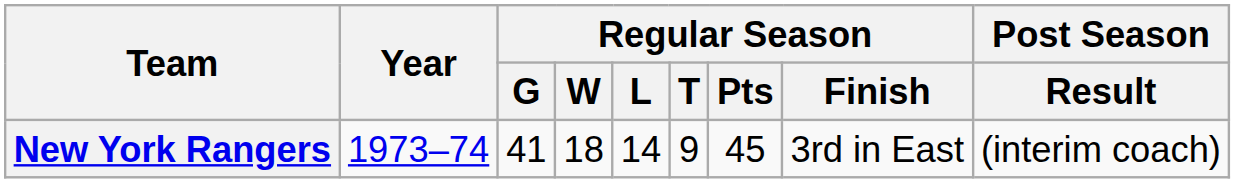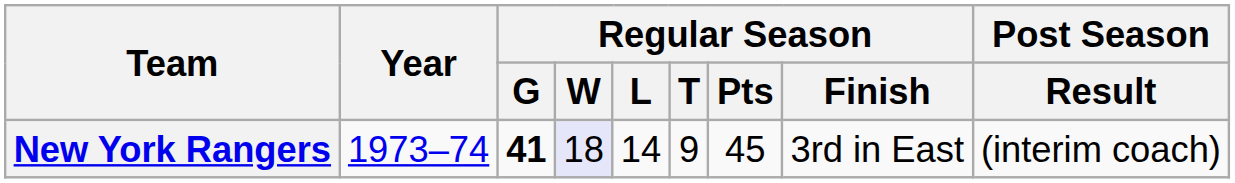 <table class="wikitable" style="font-size: 95%; text-align:center;">
 <tr>
 <th rowspan="2">Team</th>
 <th rowspan="2">Year</th>
 <th colspan="6">Regular Season</th>
 <th>Post Season</th>
 </tr>
 <tr>
 <th>G</th>
 <th>W</th>
 <th>L</th>
 <th>T</th>
 <th>Pts</th>
 <th>Finish</th>
 <th>Result</th>
 </tr>
 <tr>
 <th><a href='#'>New York Rangers</a></th>
 <td><a href='#'>1973–74</a></td>
-<td>41</td>
-<td>18</td>
+<td><strong>41</strong></td>
+<td style="background: lavender;">18</td>
 <td>14</td>
 <td>9</td>
 <td>45</td>
 <td>3rd in East</td>
 <td>(interim coach)</td>
 </tr>
 </table>
